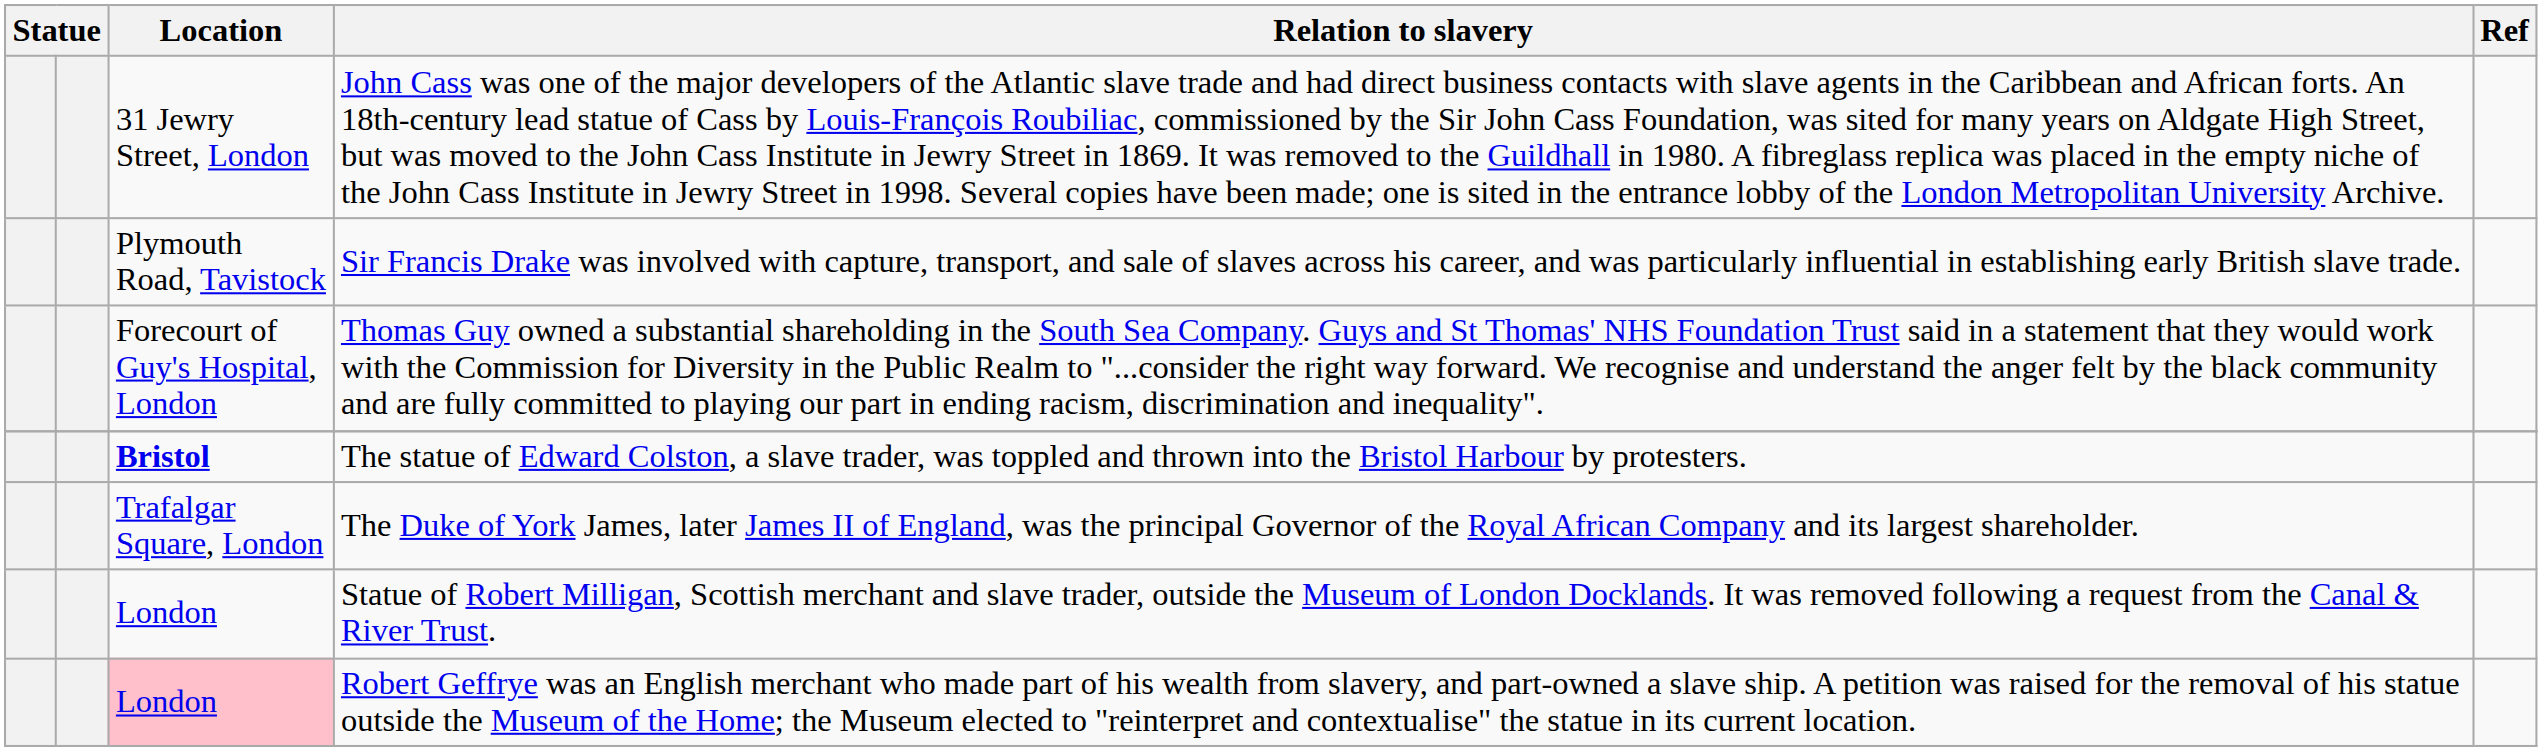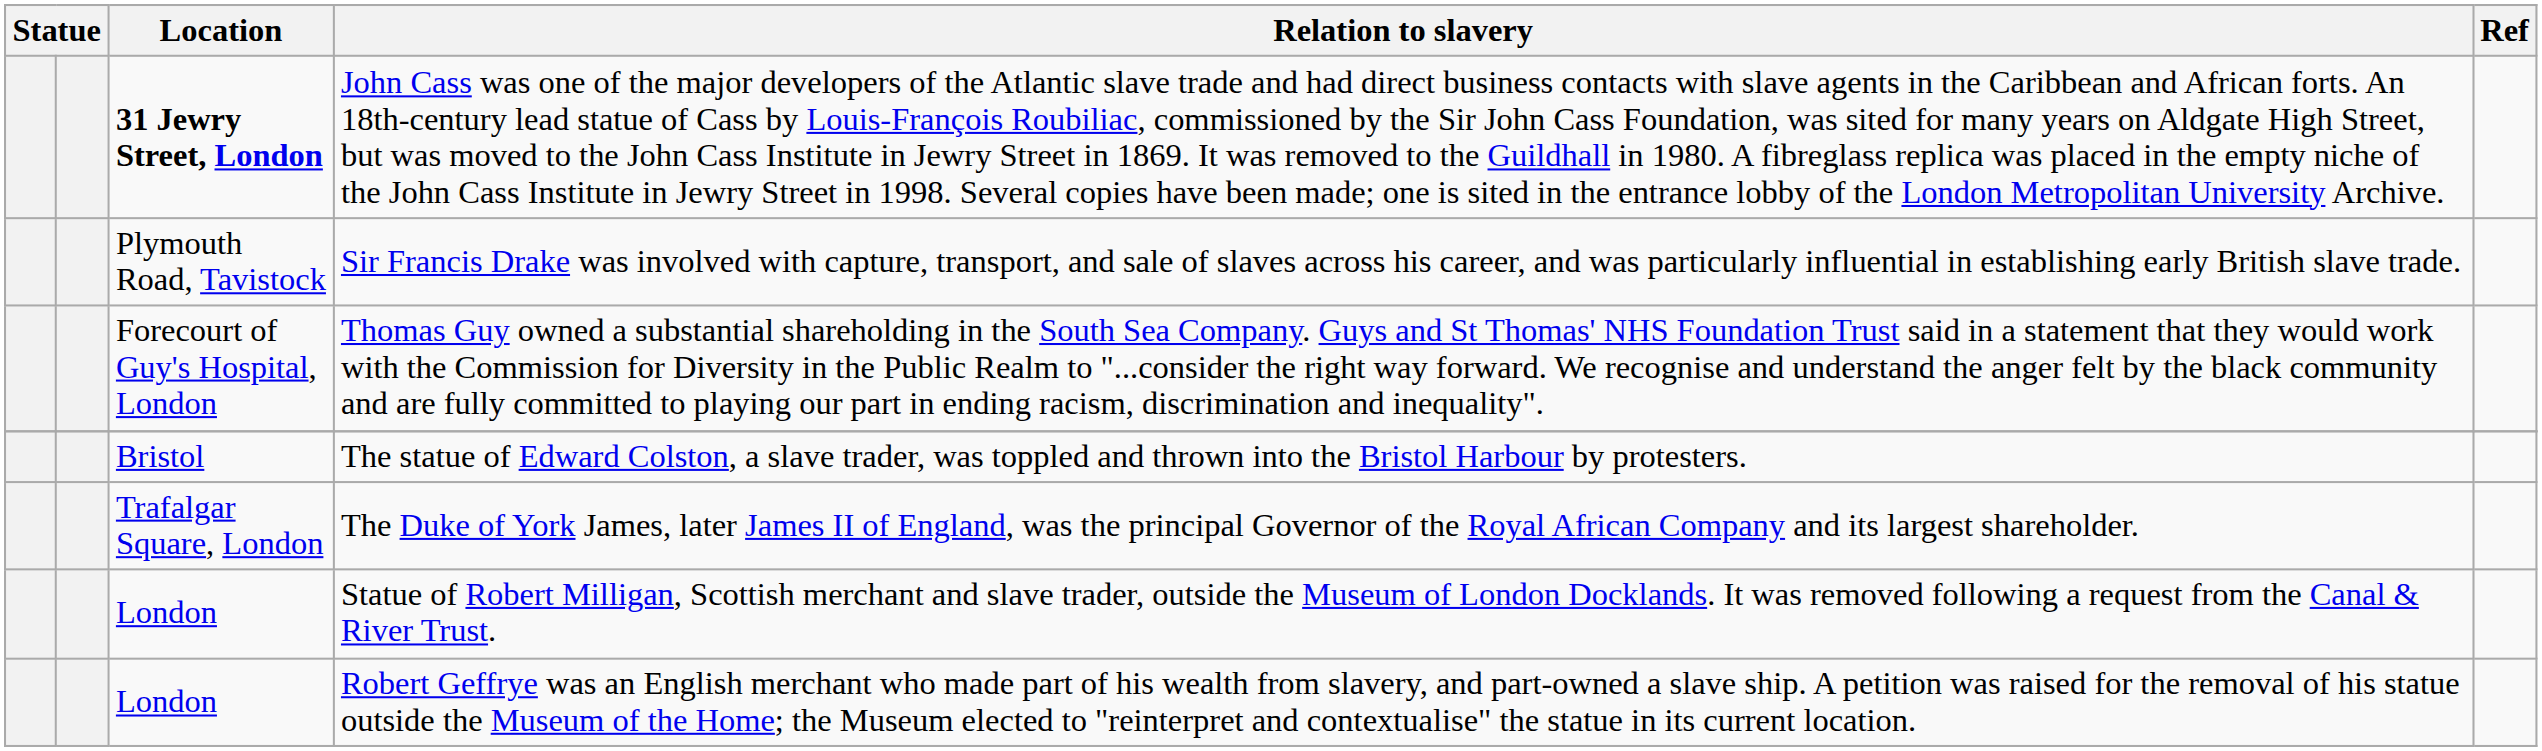 <table class="wikitable sortable" style="text-align:left">
 <tr>
 <th colspan="2">Statue</th>
 <th>Location</th>
 <th>Relation to slavery</th>
 <th>Ref</th>
 </tr>
 <tr>
 <th></th>
 <th></th>
-<td>31 Jewry Street, <a href='#'>London</a></td>
+<td><strong>31 Jewry Street, <a href='#'>London</a></strong></td>
 <td><a href='#'>John Cass</a> was one of the major developers of the Atlantic slave trade and had direct business contacts with slave agents in the Caribbean and African forts. An 18th-century lead statue of Cass by <a href='#'>Louis-François Roubiliac</a>, commissioned by the Sir John Cass Foundation, was sited for many years on Aldgate High Street, but was moved to the John Cass Institute in Jewry Street in 1869. It was removed to the <a href='#'>Guildhall</a> in 1980. A fibreglass replica was placed in the empty niche of the John Cass Institute in Jewry Street in 1998. Several copies have been made; one is sited in the entrance lobby of the <a href='#'>London Metropolitan University</a> Archive.</td>
 <td></td>
 </tr>
 <tr>
 <th></th>
 <th></th>
 <td>Plymouth Road, <a href='#'>Tavistock</a></td>
 <td><a href='#'>Sir Francis Drake</a> was involved with capture, transport, and sale of slaves across his career, and was particularly influential in establishing early British slave trade.</td>
 <td></td>
 </tr>
 <tr>
 <th></th>
 <th></th>
 <td>Forecourt of <a href='#'>Guy's Hospital</a>, <a href='#'>London</a></td>
 <td><a href='#'>Thomas Guy</a> owned a substantial shareholding in the <a href='#'>South Sea Company</a>. <a href='#'>Guys and St Thomas' NHS Foundation Trust</a> said in a statement that they would work with the Commission for Diversity in the Public Realm to "...consider the right way forward. We recognise and understand the anger felt by the black community and are fully committed to playing our part in ending racism, discrimination and inequality".</td>
 <td></td>
 </tr>
 <tr>
 </tr>
 <tr>
 <th></th>
 <th></th>
-<td><strong><a href='#'>Bristol</a></strong></td>
+<td><a href='#'>Bristol</a></td>
 <td>The statue of <a href='#'>Edward Colston</a>, a slave trader, was toppled and thrown into the <a href='#'>Bristol Harbour</a> by protesters.</td>
 <td></td>
 </tr>
 <tr>
 <th></th>
 <th></th>
 <td><a href='#'>Trafalgar Square</a>, <a href='#'>London</a></td>
 <td>The <a href='#'>Duke of York</a> James, later <a href='#'>James II of England</a>, was the principal Governor of the <a href='#'>Royal African Company</a> and its largest shareholder.</td>
 <td></td>
 </tr>
 <tr>
 <th></th>
 <th></th>
 <td><a href='#'>London</a></td>
 <td>Statue of <a href='#'>Robert Milligan</a>, Scottish merchant and slave trader, outside the <a href='#'>Museum of London Docklands</a>. It was removed following a request from the <a href='#'>Canal & River Trust</a>.</td>
 <td></td>
 </tr>
 <tr>
 <th></th>
 <th></th>
-<td style="background: pink;"><a href='#'>London</a></td>
+<td><a href='#'>London</a></td>
 <td><a href='#'>Robert Geffrye</a> was an English merchant who made part of his wealth from slavery, and part-owned a slave ship. A petition was raised for the removal of his statue outside the <a href='#'>Museum of the Home</a>; the Museum elected to "reinterpret and contextualise" the statue in its current location.</td>
 <td></td>
 </tr>
 </table>
